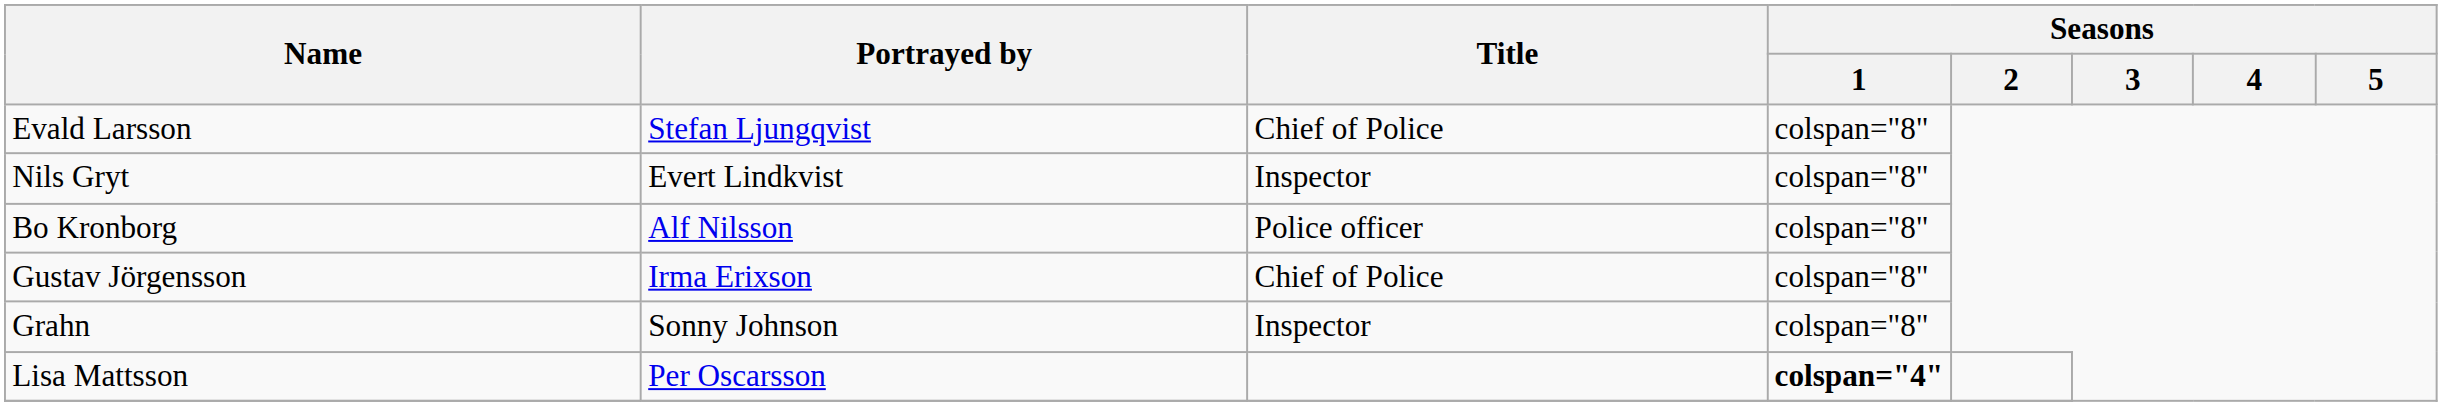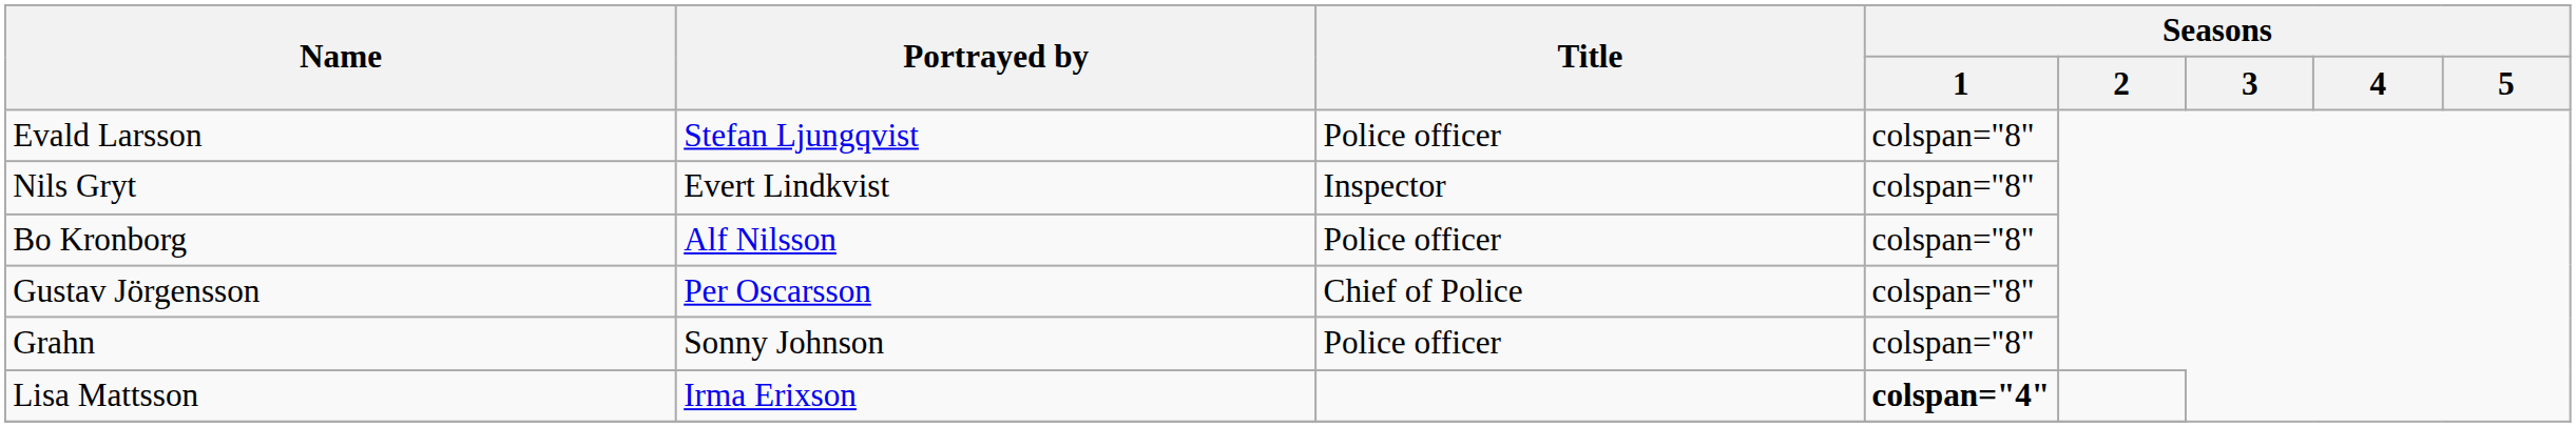 <table class="wikitable">
 <tr>
 <th rowspan="2">Name</th>
 <th rowspan="2">Portrayed by</th>
 <th rowspan="2">Title</th>
 <th colspan="8">Seasons</th>
 </tr>
 <tr>
 <th style="width:5%;">1</th>
 <th style="width:5%;">2</th>
 <th style="width:5%;">3</th>
 <th style="width:5%;">4</th>
 <th style="width:5%;">5</th>
 </tr>
 <tr>
 <td>Evald Larsson</td>
 <td><a href='#'>Stefan Ljungqvist</a></td>
-<td>Chief of Police</td>
+<td>Police officer</td>
 <td>colspan="8" </td>
 </tr>
 <tr>
 <td>Nils Gryt</td>
 <td>Evert Lindkvist</td>
 <td>Inspector</td>
 <td>colspan="8" </td>
 </tr>
 <tr>
 <td>Bo Kronborg</td>
 <td><a href='#'>Alf Nilsson</a></td>
 <td>Police officer</td>
 <td>colspan="8" </td>
 </tr>
 <tr>
 <td>Gustav Jörgensson</td>
-<td><a href='#'>Irma Erixson</a></td>
+<td><a href='#'>Per Oscarsson</a></td>
 <td>Chief of Police</td>
 <td>colspan="8" </td>
 </tr>
 <tr>
 <td>Grahn</td>
 <td>Sonny Johnson</td>
-<td>Inspector</td>
+<td>Police officer</td>
 <td>colspan="8" </td>
 </tr>
 <tr>
 <td>Lisa Mattsson</td>
-<td><a href='#'>Per Oscarsson</a></td>
+<td><a href='#'>Irma Erixson</a></td>
 <td></td>
 <td><strong>colspan="4" </strong></td>
 <td></td>
 </tr>
 <tr>
 </tr>
 </table>
